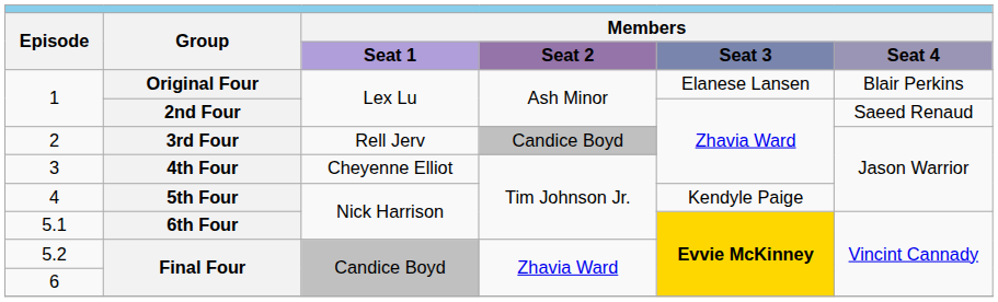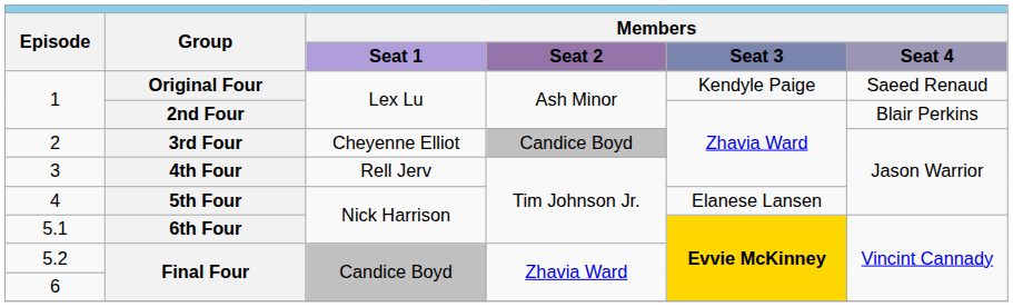 <table class="wikitable" style="text-align:center; font-size:100%; width:70%;">
 <tr>
 <td colspan="6" scope="col" bgcolor="skyblue"><strong></strong></td>
 </tr>
 <tr>
 <th style="width:10%;" rowspan="2">Episode</th>
 <th style="width:20%;" rowspan="2">Group</th>
 <th colspan="4'">Members</th>
 </tr>
 <tr>
 <td style="width:18%;" bgcolor="#B09EDB"><strong>Seat 1</strong></td>
 <td style="width:18%;" bgcolor="#9574A9"><strong>Seat 2</strong></td>
 <td style="width:18%;" bgcolor="#7A85AD"><strong>Seat 3</strong></td>
 <td style="width:18%;" bgcolor="#9A95B4"><strong>Seat 4</strong></td>
 </tr>
 <tr>
 <td rowspan="2">1</td>
 <th>Original Four</th>
 <td rowspan="2">Lex Lu</td>
 <td rowspan="2">Ash Minor</td>
-<td>Elanese Lansen</td>
-<td>Blair Perkins</td>
+<td>Kendyle Paige</td>
+<td>Saeed Renaud</td>
 </tr>
 <tr>
 <th>2nd Four</th>
 <td rowspan="3"><a href='#'>Zhavia Ward</a><br></td>
-<td>Saeed Renaud</td>
+<td>Blair Perkins</td>
 </tr>
 <tr>
 <td>2</td>
 <th>3rd Four</th>
-<td>Rell Jerv</td>
+<td>Cheyenne Elliot</td>
 <td bgcolor="silver">Candice Boyd</td>
 <td rowspan="3">Jason Warrior</td>
 </tr>
 <tr>
 <td>3</td>
 <th>4th Four</th>
-<td>Cheyenne Elliot</td>
+<td>Rell Jerv</td>
 <td rowspan="3">Tim Johnson Jr.</td>
 </tr>
 <tr>
 <td>4</td>
 <th>5th Four</th>
 <td rowspan="2">Nick Harrison</td>
-<td>Kendyle Paige</td>
+<td>Elanese Lansen</td>
 </tr>
 <tr>
 <td>5.1</td>
 <th>6th Four</th>
 <td rowspan="3" bgcolor="gold"><strong>Evvie McKinney</strong></td>
 <td rowspan="3"><a href='#'>Vincint Cannady</a></td>
 </tr>
 <tr>
 <td>5.2</td>
 <th rowspan="2">Final Four</th>
 <td rowspan="2" bgcolor="silver">Candice Boyd</td>
 <td rowspan="2"><a href='#'>Zhavia Ward</a></td>
 </tr>
 <tr>
 <td>6</td>
 </tr>
 <tr>
 </tr>
 </table>
